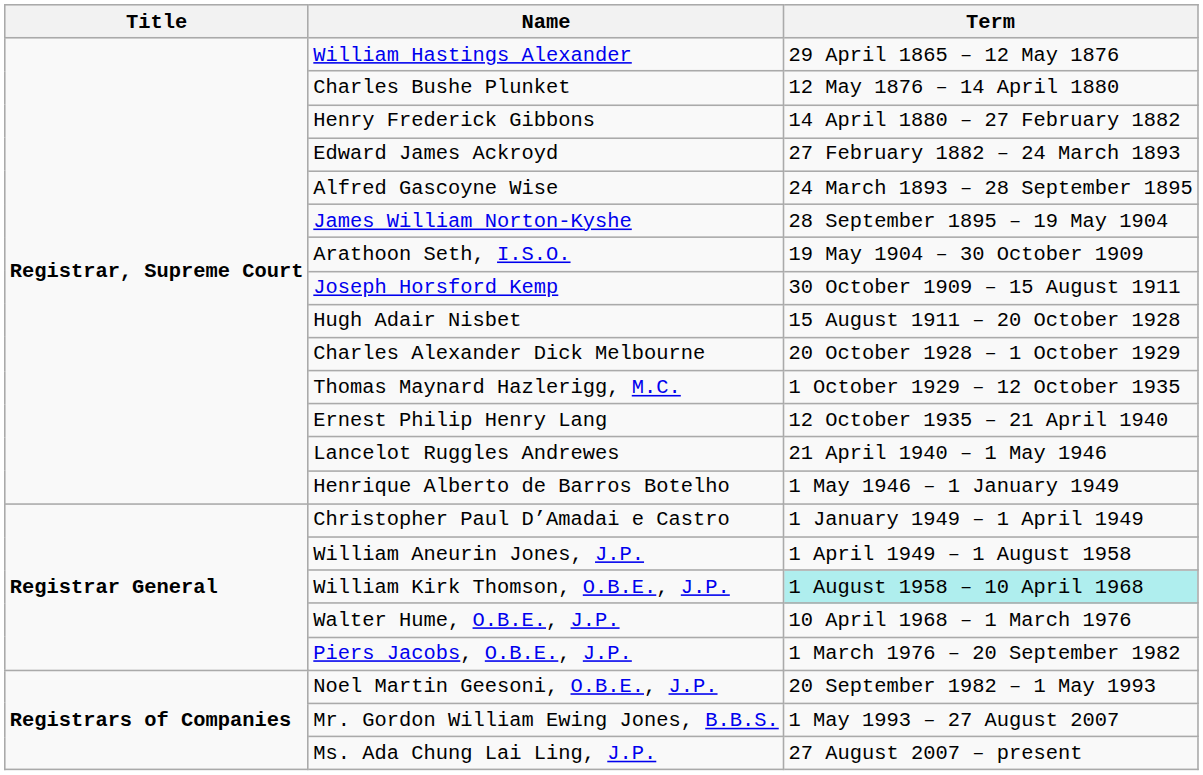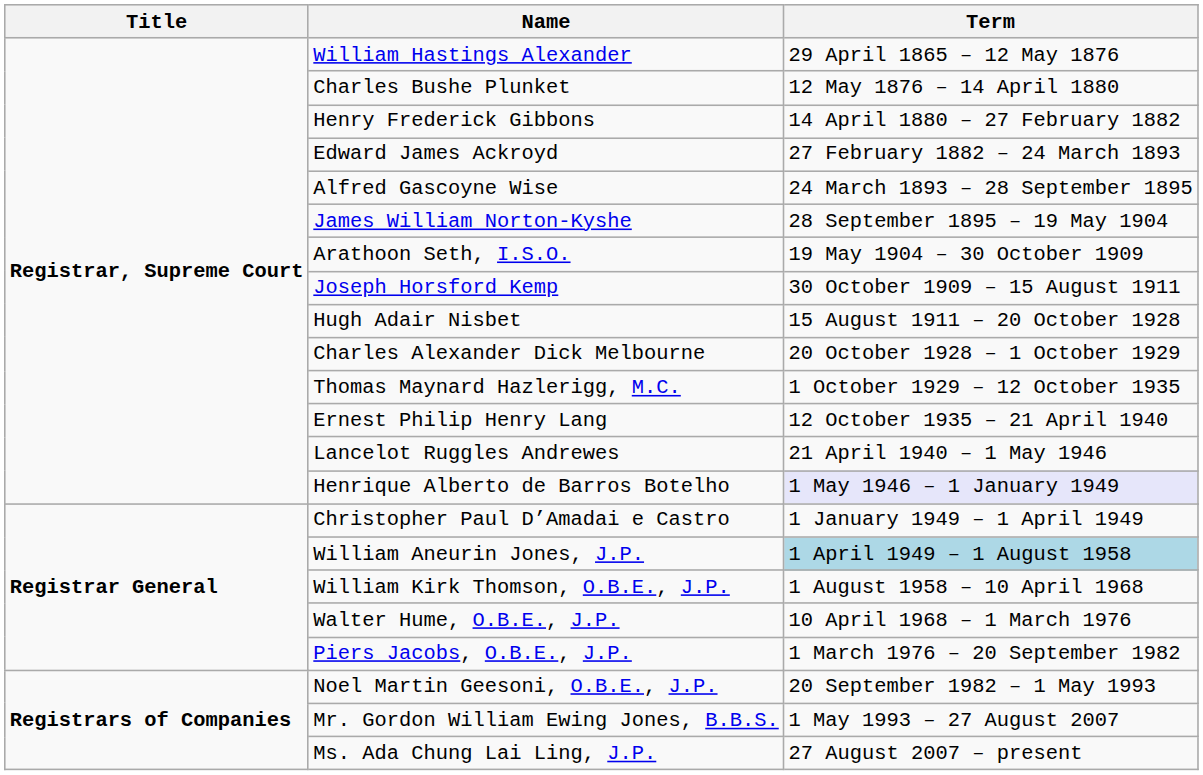 <table class="wikitable">
 <tr>
 <th>Title</th>
 <th>Name</th>
 <th>Term</th>
 </tr>
 <tr>
 <td rowspan="15"><strong>Registrar, Supreme Court</strong></td>
 <td><a href='#'>William Hastings Alexander</a></td>
 <td>29 April 1865 – 12 May 1876</td>
 </tr>
 <tr>
 <td>Charles Bushe Plunket</td>
 <td>12 May 1876 – 14 April 1880</td>
 </tr>
 <tr>
 <td>Henry Frederick Gibbons</td>
 <td>14 April 1880 – 27 February 1882</td>
 </tr>
 <tr>
 <td>Edward James Ackroyd</td>
 <td>27 February 1882 – 24 March 1893</td>
 </tr>
 <tr>
 <td>Alfred Gascoyne Wise</td>
 <td>24 March 1893 – 28 September 1895</td>
 </tr>
 <tr>
 <td><a href='#'>James William Norton-Kyshe</a></td>
 <td>28 September 1895 – 19 May 1904</td>
 </tr>
 <tr>
 <td>Arathoon Seth, <a href='#'>I.S.O.</a></td>
 <td>19 May 1904 – 30 October 1909</td>
 </tr>
 <tr>
 <td><a href='#'>Joseph Horsford Kemp</a></td>
 <td>30 October 1909 – 15 August 1911</td>
 </tr>
 <tr>
 <td>Hugh Adair Nisbet</td>
 <td>15 August 1911 – 20 October 1928</td>
 </tr>
 <tr>
 <td>Charles Alexander Dick Melbourne</td>
 <td>20 October 1928 – 1 October 1929</td>
 </tr>
 <tr>
 <td>Thomas Maynard Hazlerigg, <a href='#'>M.C.</a></td>
 <td>1 October 1929 – 12 October 1935</td>
 </tr>
 <tr>
 <td>Ernest Philip Henry Lang</td>
 <td>12 October 1935 – 21 April 1940</td>
 </tr>
 <tr>
 <td>Lancelot Ruggles Andrewes</td>
 <td>21 April 1940 – 1 May 1946</td>
 </tr>
 <tr>
 <td>Henrique Alberto de Barros Botelho</td>
-<td>1 May 1946 – 1 January 1949</td>
+<td style="background: lavender;">1 May 1946 – 1 January 1949</td>
 </tr>
 <tr>
 <td rowspan="2">Christopher Paul D’Amadai e Castro</td>
 <td rowspan="2">1 January 1949 – 1 April 1949</td>
 </tr>
 <tr>
 <td rowspan="6"><strong>Registrar General</strong></td>
 </tr>
 <tr>
 <td>William Aneurin Jones, <a href='#'>J.P.</a></td>
-<td>1 April 1949 – 1 August 1958</td>
+<td style="background: lightblue;">1 April 1949 – 1 August 1958</td>
 </tr>
 <tr>
 <td>William Kirk Thomson, <a href='#'>O.B.E.</a>, <a href='#'>J.P.</a></td>
-<td style="background: paleturquoise;">1 August 1958 – 10 April 1968</td>
+<td>1 August 1958 – 10 April 1968</td>
 </tr>
 <tr>
 <td>Walter Hume, <a href='#'>O.B.E.</a>, <a href='#'>J.P.</a></td>
 <td>10 April 1968 – 1 March 1976</td>
 </tr>
 <tr>
 <td><a href='#'>Piers Jacobs</a>, <a href='#'>O.B.E.</a>, <a href='#'>J.P.</a></td>
 <td>1 March 1976 – 20 September 1982</td>
 </tr>
 <tr>
 <td rowspan="2">Noel Martin Geesoni, <a href='#'>O.B.E.</a>, <a href='#'>J.P.</a></td>
 <td rowspan="2">20 September 1982 – 1 May 1993</td>
 </tr>
 <tr>
 <td rowspan="3"><strong>Registrars of Companies</strong></td>
 </tr>
 <tr>
 <td>Mr. Gordon William Ewing Jones, <a href='#'>B.B.S.</a></td>
 <td>1 May 1993 – 27 August 2007</td>
 </tr>
 <tr>
 <td>Ms. Ada Chung Lai Ling, <a href='#'>J.P.</a></td>
 <td>27 August 2007 – present</td>
 </tr>
 </table>
